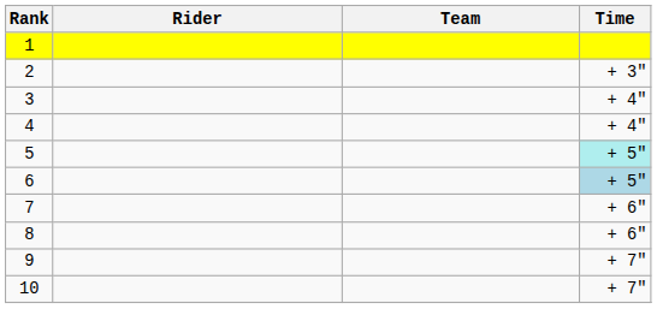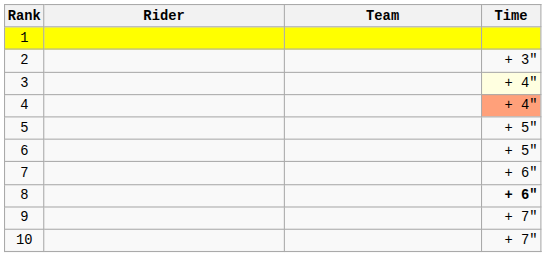 <table class="wikitable">
 <tr>
 <th width="8">Rank</th>
 <th width="220">Rider</th>
 <th width="180">Team</th>
 <th width="50">Time</th>
 </tr>
 <tr bgcolor=Yellow>
 <td style="text-align:center;">1</td>
 <td>  </td>
 <td></td>
 <td align="right"></td>
 </tr>
 <tr>
 <td style="text-align:center;">2</td>
 <td></td>
 <td></td>
 <td align="right">+ 3"</td>
 </tr>
 <tr>
 <td style="text-align:center;">3</td>
 <td></td>
 <td></td>
-<td align="right">+ 4"</td>
+<td align="right" style="background: lightyellow;">+ 4"</td>
 </tr>
 <tr>
 <td style="text-align:center;">4</td>
 <td></td>
 <td></td>
-<td align="right">+ 4"</td>
+<td align="right" style="background: lightsalmon;">+ 4"</td>
 </tr>
 <tr>
 <td style="text-align:center;">5</td>
 <td></td>
 <td></td>
-<td align="right" style="background: paleturquoise;">+ 5"</td>
+<td align="right">+ 5"</td>
 </tr>
 <tr>
 <td style="text-align:center;">6</td>
 <td></td>
 <td></td>
-<td align="right" style="background: lightblue;">+ 5"</td>
+<td align="right">+ 5"</td>
 </tr>
 <tr>
 <td style="text-align:center;">7</td>
 <td></td>
 <td></td>
 <td align="right">+ 6"</td>
 </tr>
 <tr>
 <td style="text-align:center;">8</td>
 <td></td>
 <td></td>
-<td align="right">+ 6"</td>
+<td align="right"><strong>+ 6"</strong></td>
 </tr>
 <tr>
 <td style="text-align:center;">9</td>
 <td></td>
 <td></td>
 <td align="right">+ 7"</td>
 </tr>
 <tr>
 <td style="text-align:center;">10</td>
 <td></td>
 <td></td>
 <td align="right">+ 7"</td>
 </tr>
 <tr>
 </tr>
 </table>
